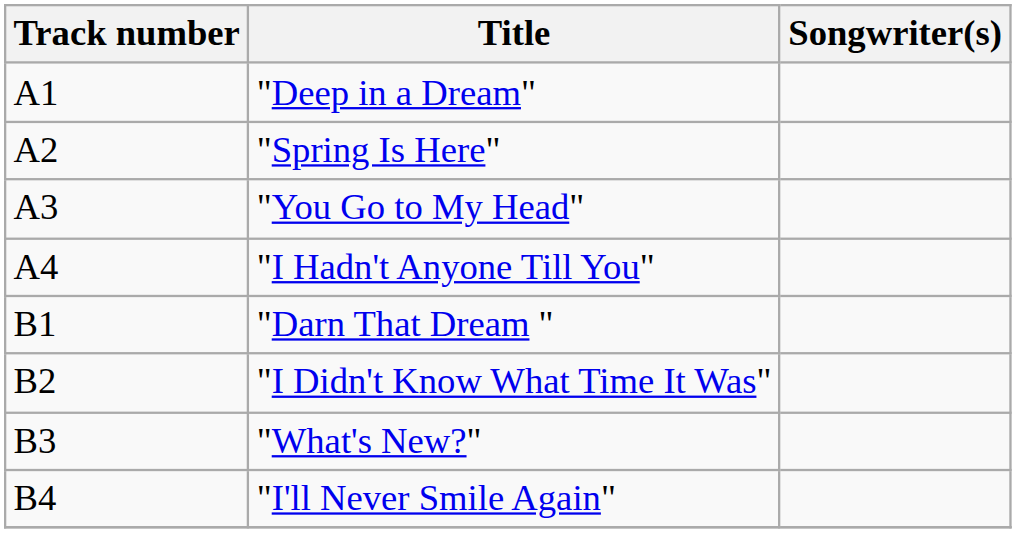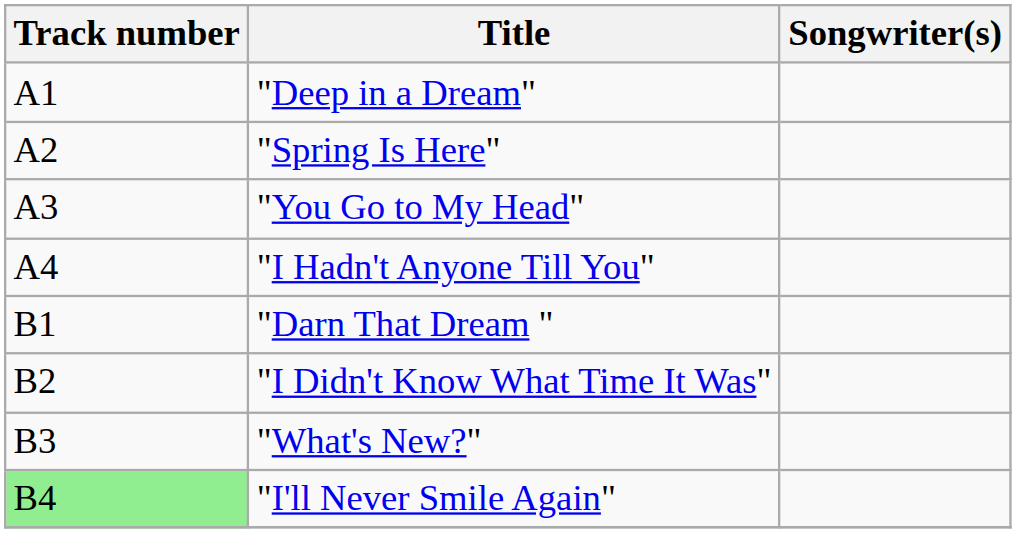 <table class="wikitable">
 <tr>
 <th>Track number</th>
 <th>Title</th>
 <th>Songwriter(s)</th>
 </tr>
 <tr>
 <td>A1</td>
 <td>"<a href='#'>Deep in a Dream</a>"</td>
 <td></td>
 </tr>
 <tr>
 <td>A2</td>
 <td>"<a href='#'>Spring Is Here</a>"</td>
 <td></td>
 </tr>
 <tr>
 <td>A3</td>
 <td>"<a href='#'>You Go to My Head</a>"</td>
 <td></td>
 </tr>
 <tr>
 <td>A4</td>
 <td>"<a href='#'>I Hadn't Anyone Till You</a>"</td>
 <td></td>
 </tr>
 <tr>
 <td>B1</td>
 <td>"<a href='#'>Darn That Dream</a> "</td>
 <td></td>
 </tr>
 <tr>
 <td>B2</td>
 <td>"<a href='#'>I Didn't Know What Time It Was</a>"</td>
 <td></td>
 </tr>
 <tr>
 <td>B3</td>
 <td>"<a href='#'>What's New?</a>"</td>
 <td></td>
 </tr>
 <tr>
-<td>B4</td>
+<td style="background: lightgreen;">B4</td>
 <td>"<a href='#'>I'll Never Smile Again</a>"</td>
 <td></td>
 </tr>
 <tr>
 </tr>
 </table>
